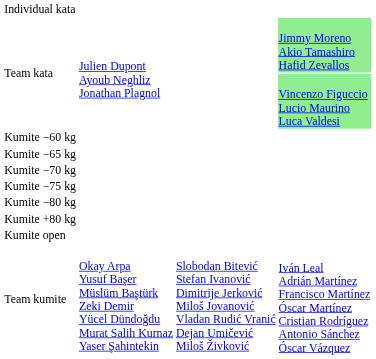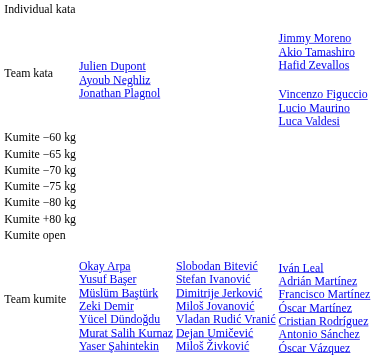 <table>
 <tr>
 <td rowspan=2>Individual kata</td>
 <td rowspan=2></td>
 <td rowspan=2></td>
 <td></td>
 </tr>
 <tr>
 <td></td>
 </tr>
 <tr>
 <td rowspan=2>Team kata</td>
 <td rowspan=2><br><a href='#'>Julien Dupont</a><br><a href='#'>Ayoub Neghliz</a><br><a href='#'>Jonathan Plagnol</a></td>
 <td rowspan=2></td>
-<td style="background: lightgreen;"><br><a href='#'>Jimmy Moreno</a><br><a href='#'>Akio Tamashiro</a><br><a href='#'>Hafid Zevallos</a></td>
+<td><br><a href='#'>Jimmy Moreno</a><br><a href='#'>Akio Tamashiro</a><br><a href='#'>Hafid Zevallos</a></td>
 </tr>
 <tr>
-<td style="background: lightgreen;"><br><a href='#'>Vincenzo Figuccio</a><br><a href='#'>Lucio Maurino</a><br><a href='#'>Luca Valdesi</a></td>
+<td><br><a href='#'>Vincenzo Figuccio</a><br><a href='#'>Lucio Maurino</a><br><a href='#'>Luca Valdesi</a></td>
 </tr>
 <tr>
 <td rowspan=2>Kumite −60 kg</td>
 <td rowspan=2></td>
 <td rowspan=2></td>
 <td></td>
 </tr>
 <tr>
 <td></td>
 </tr>
 <tr>
 <td rowspan=2>Kumite −65 kg</td>
 <td rowspan=2></td>
 <td rowspan=2></td>
 <td></td>
 </tr>
 <tr>
 <td></td>
 </tr>
 <tr>
 <td rowspan=2>Kumite −70 kg</td>
 <td rowspan=2></td>
 <td rowspan=2></td>
 <td></td>
 </tr>
 <tr>
 <td></td>
 </tr>
 <tr>
 <td rowspan=2>Kumite −75 kg</td>
 <td rowspan=2></td>
 <td rowspan=2></td>
 <td></td>
 </tr>
 <tr>
 <td></td>
 </tr>
 <tr>
 <td rowspan=2>Kumite −80 kg</td>
 <td rowspan=2></td>
 <td rowspan=2></td>
 <td></td>
 </tr>
 <tr>
 <td></td>
 </tr>
 <tr>
 <td rowspan=2>Kumite +80 kg</td>
 <td rowspan=2></td>
 <td rowspan=2></td>
 <td></td>
 </tr>
 <tr>
 <td></td>
 </tr>
 <tr>
 <td rowspan=2>Kumite open</td>
 <td rowspan=2></td>
 <td rowspan=2></td>
 <td></td>
 </tr>
 <tr>
 <td></td>
 </tr>
 <tr>
 <td rowspan=2>Team kumite</td>
 <td rowspan=2><br><a href='#'>Okay Arpa</a><br><a href='#'>Yusuf Başer</a><br><a href='#'>Müslüm Baştürk</a><br><a href='#'>Zeki Demir</a><br><a href='#'>Yücel Dündoğdu</a><br><a href='#'>Murat Salih Kurnaz</a><br><a href='#'>Yaser Şahintekin</a></td>
 <td rowspan=2><br><a href='#'>Slobodan Bitević</a><br><a href='#'>Stefan Ivanović</a><br><a href='#'>Dimitrije Jerković</a><br><a href='#'>Miloš Jovanović</a><br><a href='#'>Vladan Rudić Vranić</a><br><a href='#'>Dejan Umičević</a><br><a href='#'>Miloš Živković</a></td>
 <td></td>
 </tr>
 <tr>
 <td><br><a href='#'>Iván Leal</a><br><a href='#'>Adrián Martínez</a><br><a href='#'>Francisco Martínez</a><br><a href='#'>Óscar Martínez</a><br><a href='#'>Cristian Rodríguez</a><br><a href='#'>Antonio Sánchez</a><br><a href='#'>Óscar Vázquez</a></td>
 </tr>
 </table>
